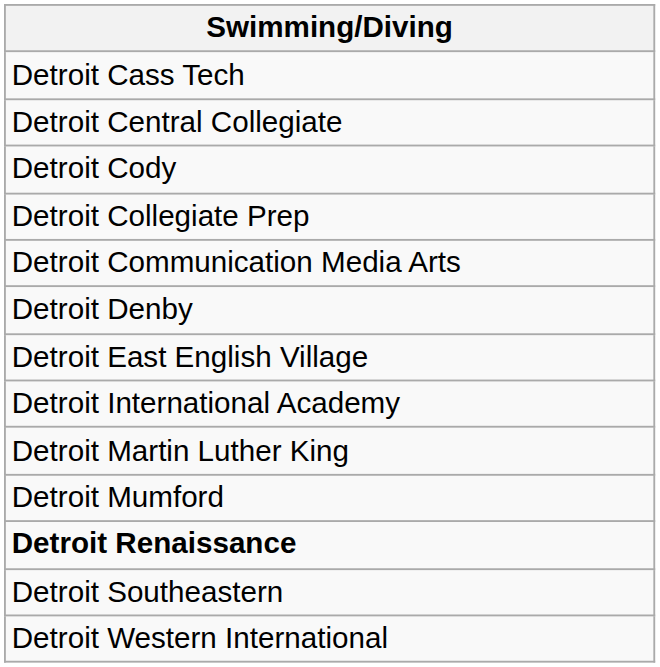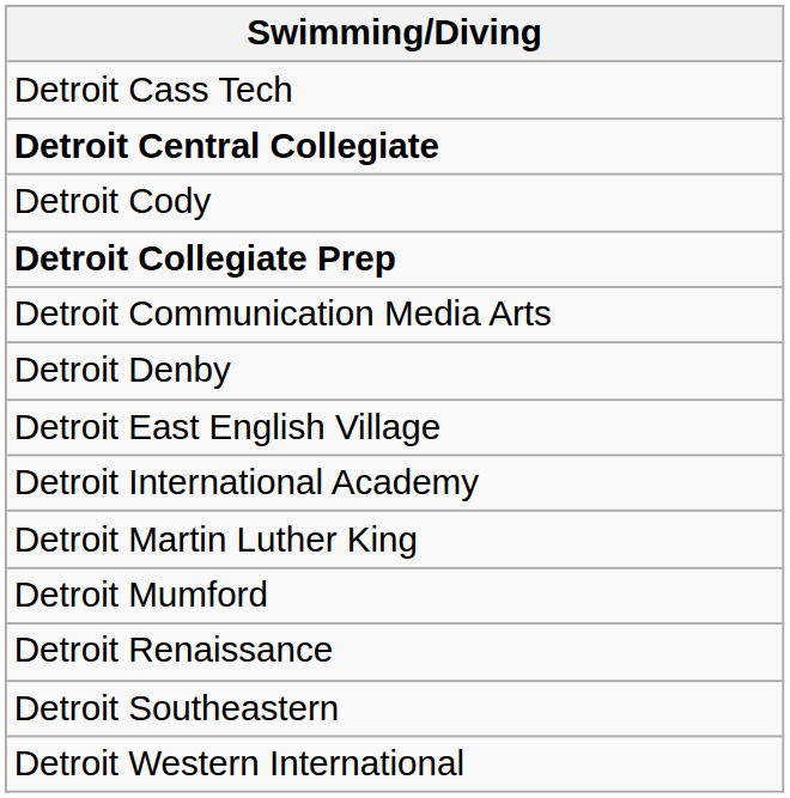 <table class="wikitable collapsible collapsed" style="width:22em">
 <tr>
 <th align=center>Swimming/Diving</th>
 </tr>
 <tr>
 <td>Detroit Cass Tech</td>
 </tr>
 <tr>
-<td>Detroit Central Collegiate</td>
+<td><strong>Detroit Central Collegiate</strong></td>
 </tr>
 <tr>
 <td>Detroit Cody</td>
 </tr>
 <tr>
-<td>Detroit Collegiate Prep</td>
+<td><strong>Detroit Collegiate Prep</strong></td>
 </tr>
 <tr>
 <td>Detroit Communication Media Arts</td>
 </tr>
 <tr>
 <td>Detroit Denby</td>
 </tr>
 <tr>
 <td>Detroit East English Village</td>
 </tr>
 <tr>
 <td>Detroit International Academy</td>
 </tr>
 <tr>
 <td>Detroit Martin Luther King</td>
 </tr>
 <tr>
 <td>Detroit Mumford</td>
 </tr>
 <tr>
-<td><strong>Detroit Renaissance</strong></td>
+<td>Detroit Renaissance</td>
 </tr>
 <tr>
 <td>Detroit Southeastern</td>
 </tr>
 <tr>
 <td>Detroit Western International</td>
 </tr>
 </table>
